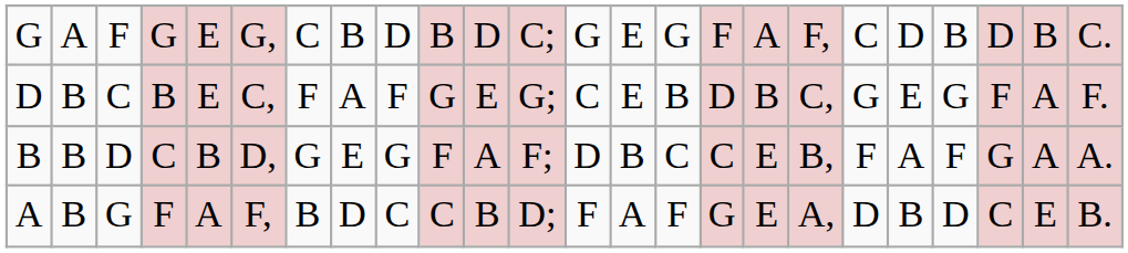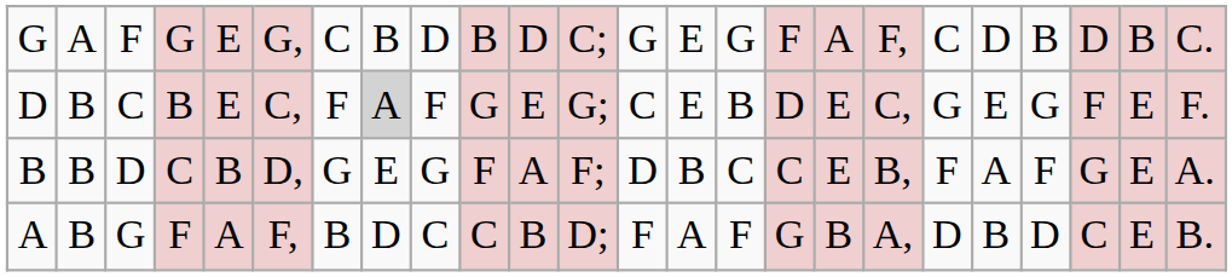 <table class="wikitable" border="1" align="center" style="margin: 1em auto 1em auto; text-align:center; width:200px">
 <tr>
 <td>G</td>
 <td>A</td>
 <td>F</td>
 <td style="background:#efcfcf;">G</td>
 <td style="background:#efcfcf;">E</td>
 <td style="background:#efcfcf;">G,</td>
 <td>C</td>
 <td>B</td>
 <td>D</td>
 <td style="background:#efcfcf;">B</td>
 <td style="background:#efcfcf;">D</td>
 <td style="background:#efcfcf;">C;</td>
 <td>G</td>
 <td>E</td>
 <td>G</td>
 <td style="background:#efcfcf;">F</td>
 <td style="background:#efcfcf;">A</td>
 <td style="background:#efcfcf;">F,</td>
 <td>C</td>
 <td>D</td>
 <td>B</td>
 <td style="background:#efcfcf;">D</td>
 <td style="background:#efcfcf;">B</td>
 <td style="background:#efcfcf;">C.</td>
 </tr>
 <tr>
 <td>D</td>
 <td>B</td>
 <td>C</td>
 <td style="background:#efcfcf;">B</td>
 <td style="background:#efcfcf;">E</td>
 <td style="background:#efcfcf;">C,</td>
 <td>F</td>
-<td>A</td>
+<td style="background: lightgrey;">A</td>
 <td>F</td>
 <td style="background:#efcfcf;">G</td>
 <td style="background:#efcfcf;">E</td>
 <td style="background:#efcfcf;">G;</td>
 <td>C</td>
 <td>E</td>
 <td>B</td>
 <td style="background:#efcfcf;">D</td>
-<td style="background:#efcfcf;">B</td>
+<td style="background:#efcfcf;">E</td>
 <td style="background:#efcfcf;">C,</td>
 <td>G</td>
 <td>E</td>
 <td>G</td>
 <td style="background:#efcfcf;">F</td>
-<td style="background:#efcfcf;">A</td>
+<td style="background:#efcfcf;">E</td>
 <td style="background:#efcfcf;">F.</td>
 </tr>
 <tr>
 <td>B</td>
 <td>B</td>
 <td>D</td>
 <td style="background:#efcfcf;">C</td>
 <td style="background:#efcfcf;">B</td>
 <td style="background:#efcfcf;">D,</td>
 <td>G</td>
 <td>E</td>
 <td>G</td>
 <td style="background:#efcfcf;">F</td>
 <td style="background:#efcfcf;">A</td>
 <td style="background:#efcfcf;">F;</td>
 <td>D</td>
 <td>B</td>
 <td>C</td>
 <td style="background:#efcfcf;">C</td>
 <td style="background:#efcfcf;">E</td>
 <td style="background:#efcfcf;">B,</td>
 <td>F</td>
 <td>A</td>
 <td>F</td>
 <td style="background:#efcfcf;">G</td>
-<td style="background:#efcfcf;">A</td>
+<td style="background:#efcfcf;">E</td>
 <td style="background:#efcfcf;">A.</td>
 </tr>
 <tr>
 <td>A</td>
 <td>B</td>
 <td>G</td>
 <td style="background:#efcfcf;">F</td>
 <td style="background:#efcfcf;">A</td>
 <td style="background:#efcfcf;">F,</td>
 <td>B</td>
 <td>D</td>
 <td>C</td>
 <td style="background:#efcfcf;">C</td>
 <td style="background:#efcfcf;">B</td>
 <td style="background:#efcfcf;">D;</td>
 <td>F</td>
 <td>A</td>
 <td>F</td>
 <td style="background:#efcfcf;">G</td>
-<td style="background:#efcfcf;">E</td>
+<td style="background:#efcfcf;">B</td>
 <td style="background:#efcfcf;">A,</td>
 <td>D</td>
 <td>B</td>
 <td>D</td>
 <td style="background:#efcfcf;">C</td>
 <td style="background:#efcfcf;">E</td>
 <td style="background:#efcfcf;">B.</td>
 </tr>
 </table>
